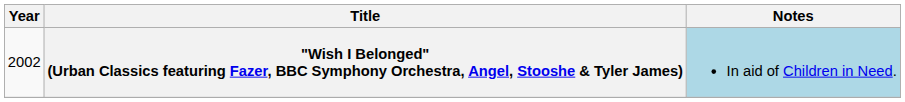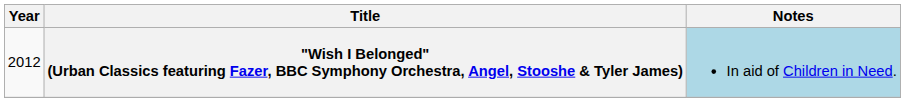 <table class="wikitable plainrowheaders" style="text-align:center;" border="1">
 <tr>
 <th scope="col">Year</th>
 <th scope="col">Title</th>
 <th scope="col">Notes</th>
 </tr>
 <tr>
-<td>2002</td>
+<td>2012</td>
 <th scope="row">"Wish I Belonged"<br><span>(Urban Classics featuring <a href='#'>Fazer</a>, BBC Symphony Orchestra, <a href='#'>Angel</a>, <a href='#'>Stooshe</a> & Tyler James)</span></th>
 <td style="background: lightblue;"><br><ul><li>In aid of <a href='#'>Children in Need</a>.</li></ul></td>
 </tr>
 <tr>
 </tr>
 </table>
